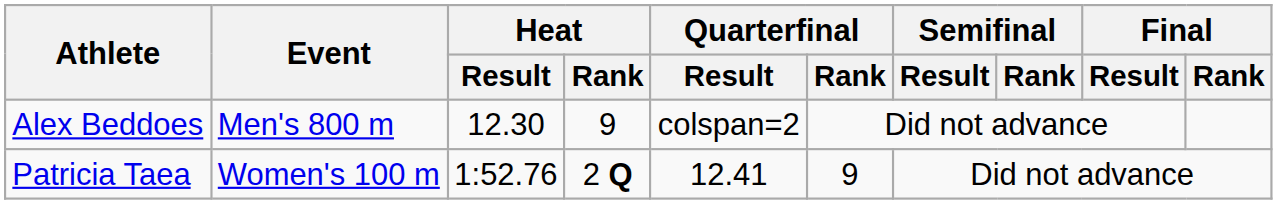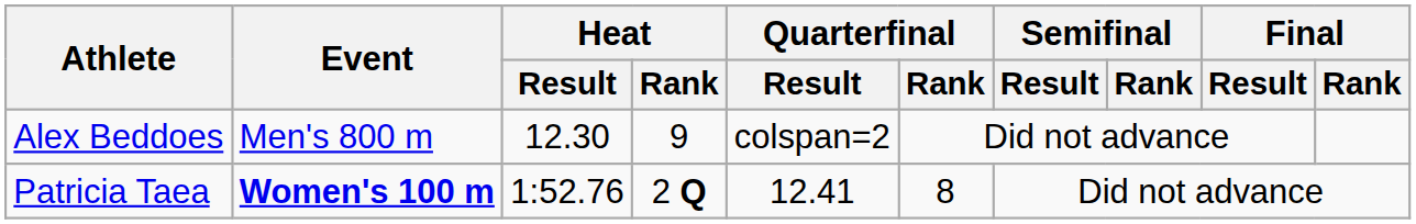 <table class="wikitable" style="font-size:90%">
 <tr>
 <th rowspan="2">Athlete</th>
 <th rowspan="2">Event</th>
 <th colspan="2">Heat</th>
 <th colspan="2">Quarterfinal</th>
 <th colspan="2">Semifinal</th>
 <th colspan="2">Final</th>
 </tr>
 <tr style="font-size:95%">
 <th>Result</th>
 <th>Rank</th>
 <th>Result</th>
 <th>Rank</th>
 <th>Result</th>
 <th>Rank</th>
 <th>Result</th>
 <th>Rank</th>
 </tr>
 <tr align=center>
 <td align=left><a href='#'>Alex Beddoes</a></td>
 <td align=left><a href='#'>Men's 800 m</a></td>
 <td>12.30</td>
 <td>9</td>
 <td>colspan=2 </td>
 <td colspan=4>Did not advance</td>
 </tr>
 <tr align=center>
 <td align=left><a href='#'>Patricia Taea</a></td>
-<td align=left><a href='#'>Women's 100 m</a></td>
+<td align=left><strong><a href='#'>Women's 100 m</a></strong></td>
 <td>1:52.76</td>
 <td>2 <strong>Q</strong></td>
 <td>12.41</td>
-<td>9</td>
+<td>8</td>
 <td colspan=4>Did not advance</td>
 </tr>
 </table>
